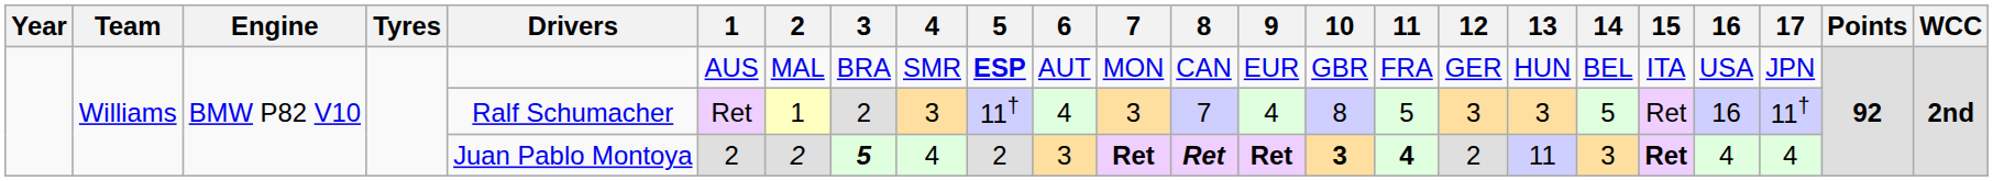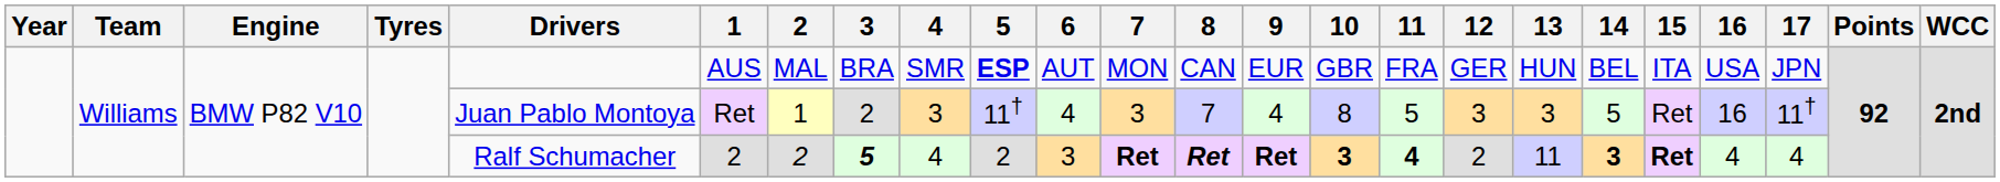 <table class="wikitable" style="text-align:center; font-size:95%">
 <tr>
 <th>Year</th>
 <th>Team</th>
 <th>Engine</th>
 <th>Tyres</th>
 <th>Drivers</th>
 <th>1</th>
 <th>2</th>
 <th>3</th>
 <th>4</th>
 <th>5</th>
 <th>6</th>
 <th>7</th>
 <th>8</th>
 <th>9</th>
 <th>10</th>
 <th>11</th>
 <th>12</th>
 <th>13</th>
 <th>14</th>
 <th>15</th>
 <th>16</th>
 <th>17</th>
 <th>Points</th>
 <th>WCC</th>
 </tr>
 <tr>
 <td rowspan="3"></td>
 <td rowspan="3"><a href='#'>Williams</a></td>
 <td rowspan="3"><a href='#'>BMW</a> P82 <a href='#'>V10</a></td>
 <td rowspan="3"></td>
 <td></td>
 <td><a href='#'>AUS</a></td>
 <td><a href='#'>MAL</a></td>
 <td><a href='#'>BRA</a></td>
 <td><a href='#'>SMR</a></td>
 <td><strong><a href='#'>ESP</a></strong></td>
 <td><a href='#'>AUT</a></td>
 <td><a href='#'>MON</a></td>
 <td><a href='#'>CAN</a></td>
 <td><a href='#'>EUR</a></td>
 <td><a href='#'>GBR</a></td>
 <td><a href='#'>FRA</a></td>
 <td><a href='#'>GER</a></td>
 <td><a href='#'>HUN</a></td>
 <td><a href='#'>BEL</a></td>
 <td><a href='#'>ITA</a></td>
 <td><a href='#'>USA</a></td>
 <td><a href='#'>JPN</a></td>
 <td rowspan="3" style="background:#DFDFDF;"><strong>92</strong></td>
 <td rowspan="3" style="background:#DFDFDF;"><strong>2nd</strong></td>
 </tr>
 <tr>
-<td> <a href='#'>Ralf Schumacher</a></td>
+<td> <a href='#'>Juan Pablo Montoya</a></td>
 <td style="background:#EFCFFF;">Ret</td>
 <td style="background:#FFFFBF;">1</td>
 <td style="background:#DFDFDF;">2</td>
 <td style="background:#FFDF9F;">3</td>
 <td style="background:#CFCFFF;">11<sup>†</sup></td>
 <td style="background:#DFFFDF;">4</td>
 <td style="background:#FFDF9F;">3</td>
 <td style="background:#CFCFFF;">7</td>
 <td style="background:#DFFFDF;">4</td>
 <td style="background:#CFCFFF;">8</td>
 <td style="background:#DFFFDF;">5</td>
 <td style="background:#FFDF9F;">3</td>
 <td style="background:#FFDF9F;">3</td>
 <td style="background:#DFFFDF;">5</td>
 <td style="background:#EFCFFF;">Ret</td>
 <td style="background:#CFCFFF;">16</td>
 <td style="background:#CFCFFF;">11<sup>†</sup></td>
 </tr>
 <tr>
-<td> <a href='#'>Juan Pablo Montoya</a></td>
+<td> <a href='#'>Ralf Schumacher</a></td>
 <td style="background:#DFDFDF;">2</td>
 <td style="background:#DFDFDF;"><em>2</em></td>
 <td style="background:#DFFFDF;"><strong><em>5</em></strong></td>
 <td style="background:#DFFFDF;">4</td>
 <td style="background:#DFDFDF;">2</td>
 <td style="background:#FFDF9F;">3</td>
 <td style="background:#EFCFFF;"><strong>Ret</strong></td>
 <td style="background:#EFCFFF;"><strong><em>Ret</em></strong></td>
 <td style="background:#EFCFFF;"><strong>Ret</strong></td>
 <td style="background:#FFDF9F;"><strong>3</strong></td>
 <td style="background:#DFFFDF;"><strong>4</strong></td>
 <td style="background:#DFDFDF;">2</td>
 <td style="background:#CFCFFF;">11</td>
-<td style="background:#FFDF9F;">3</td>
+<td style="background:#FFDF9F;"><strong>3</strong></td>
 <td style="background:#EFCFFF;"><strong>Ret</strong></td>
 <td style="background:#DFFFDF;">4</td>
 <td style="background:#DFFFDF;">4</td>
 </tr>
 </table>
